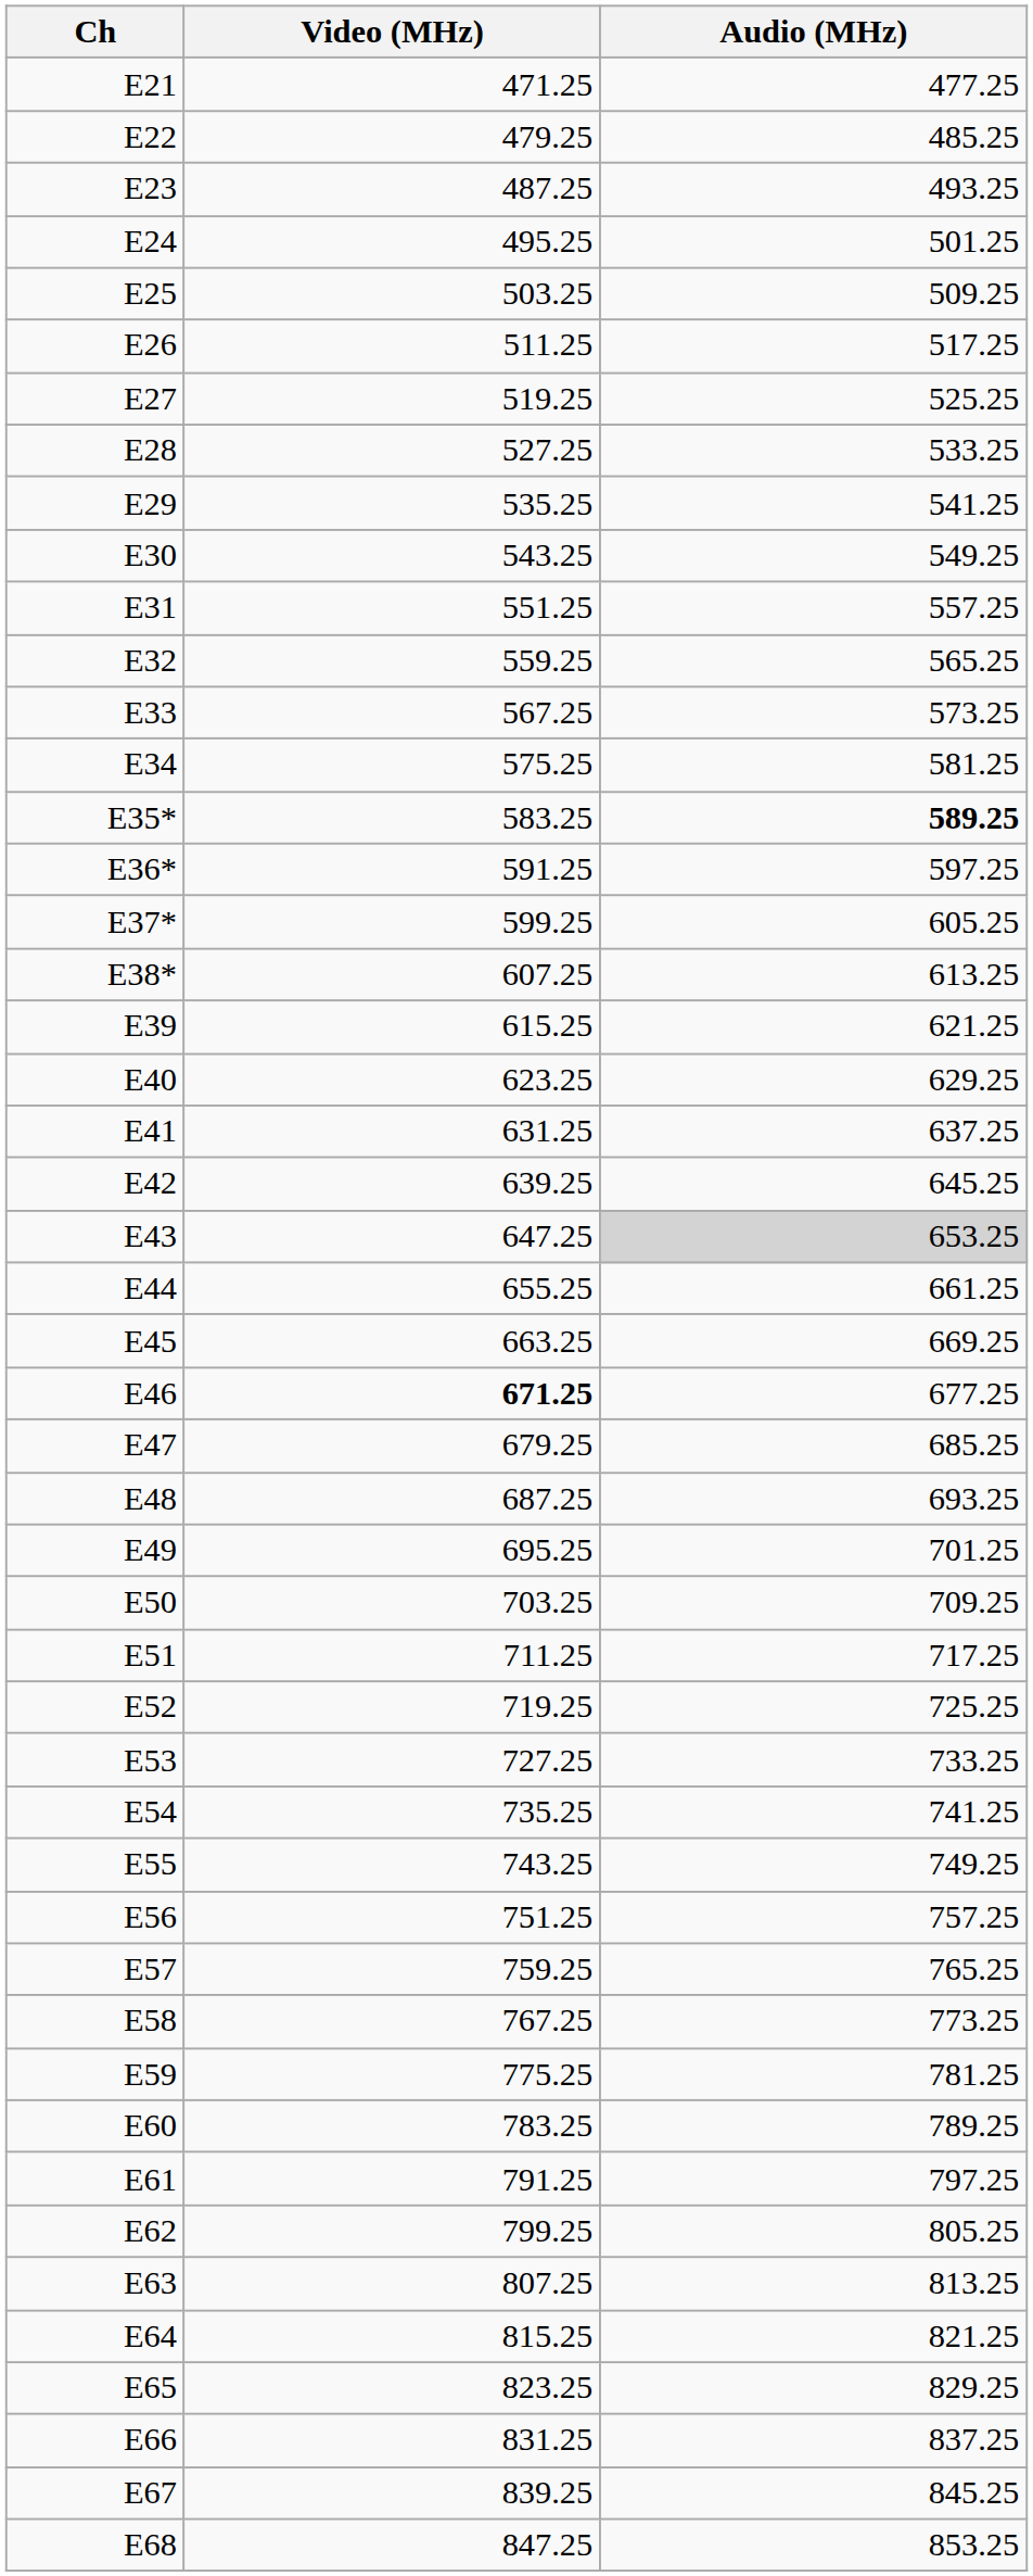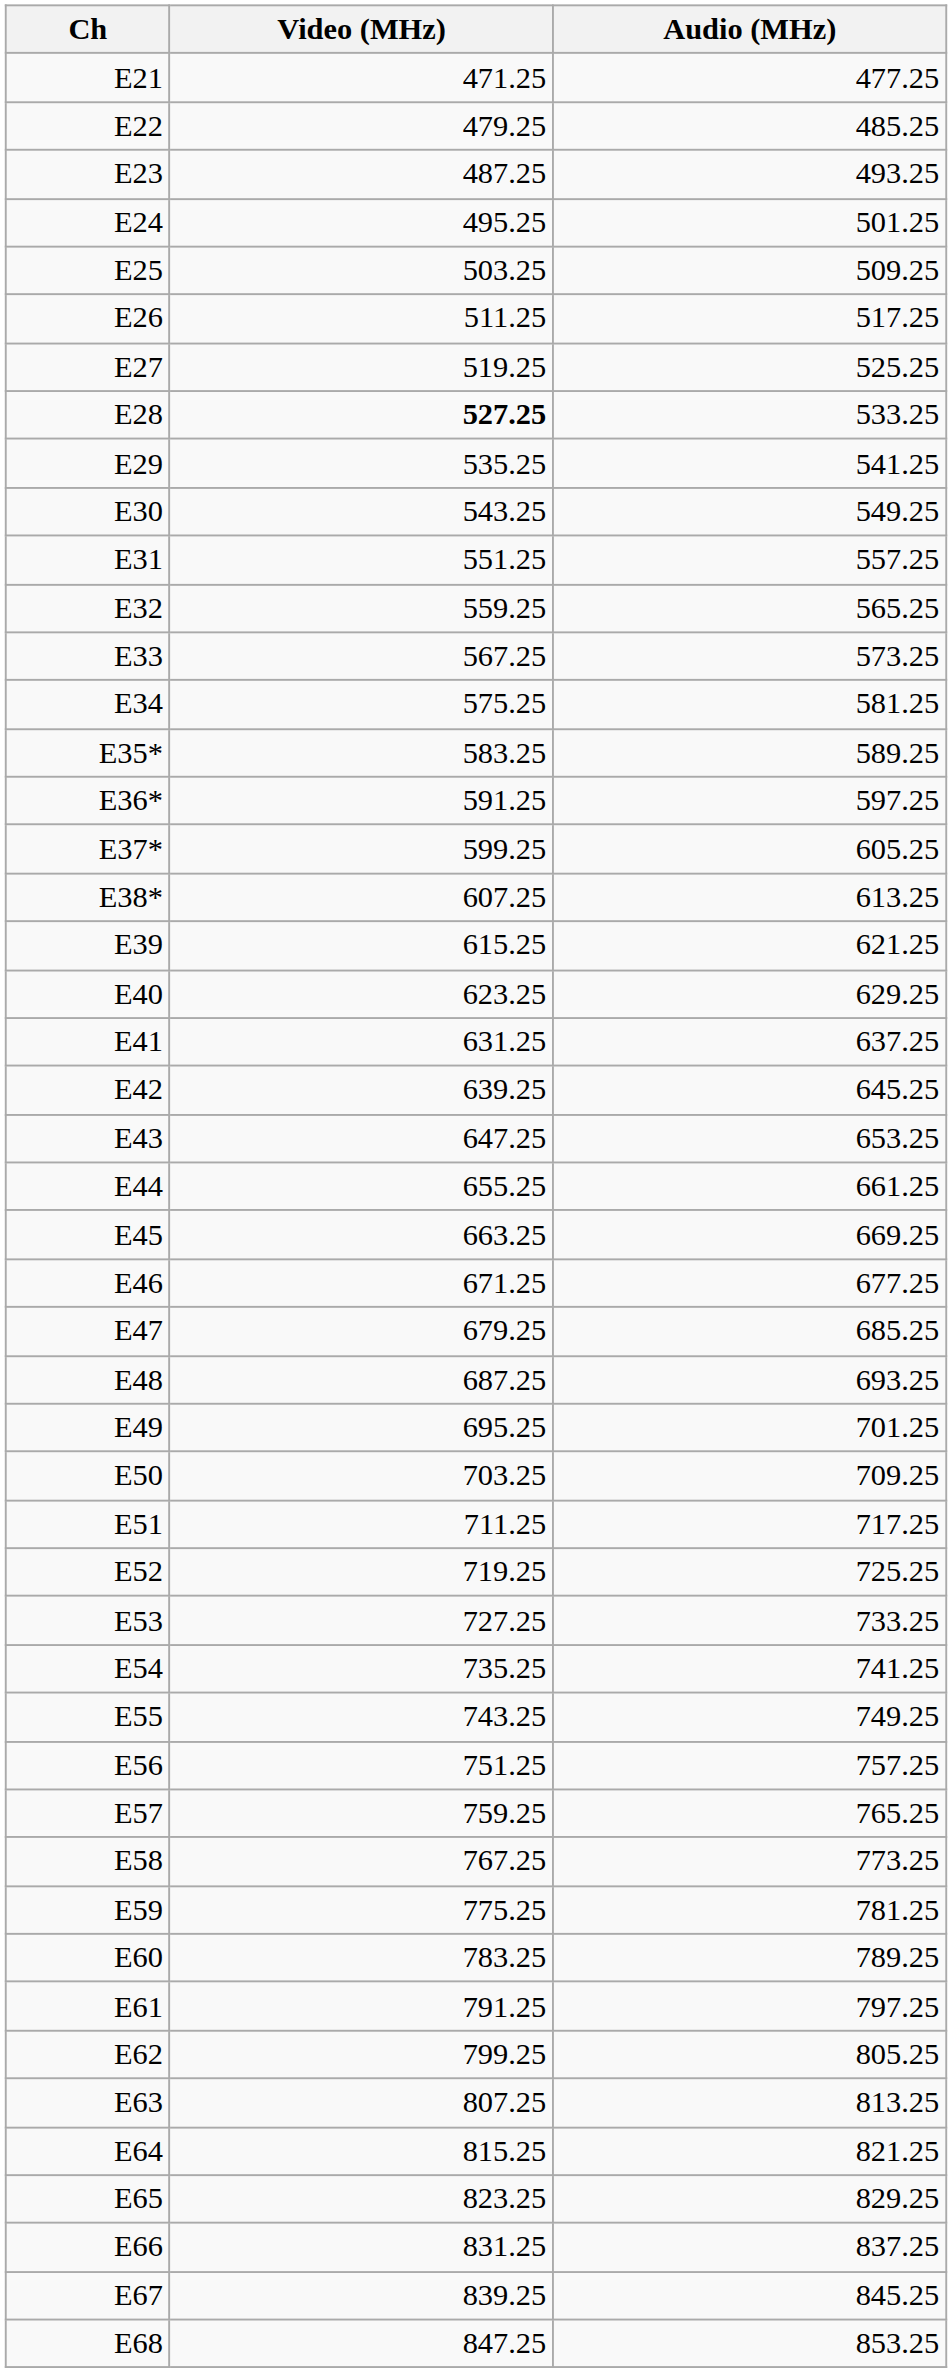 <table class="wikitable" width="25%" border="1" cellpadding="1" align="right">
 <tr ---- align="right">
 <th>Ch</th>
 <th>Video (MHz)</th>
 <th>Audio (MHz)</th>
 </tr>
 <tr ---- align="right">
 <td>E21</td>
 <td>471.25</td>
 <td>477.25</td>
 </tr>
 <tr ---- align="right">
 <td>E22</td>
 <td>479.25</td>
 <td>485.25</td>
 </tr>
 <tr ---- align="right">
 <td>E23</td>
 <td>487.25</td>
 <td>493.25</td>
 </tr>
 <tr ---- align="right">
 <td>E24</td>
 <td>495.25</td>
 <td>501.25</td>
 </tr>
 <tr ---- align="right">
 <td>E25</td>
 <td>503.25</td>
 <td>509.25</td>
 </tr>
 <tr ---- align="right">
 <td>E26</td>
 <td>511.25</td>
 <td>517.25</td>
 </tr>
 <tr ---- align="right">
 <td>E27</td>
 <td>519.25</td>
 <td>525.25</td>
 </tr>
 <tr ---- align="right">
 <td>E28</td>
-<td>527.25</td>
+<td><strong>527.25</strong></td>
 <td>533.25</td>
 </tr>
 <tr ---- align="right">
 <td>E29</td>
 <td>535.25</td>
 <td>541.25</td>
 </tr>
 <tr ---- align="right">
 <td>E30</td>
 <td>543.25</td>
 <td>549.25</td>
 </tr>
 <tr ---- align="right">
 <td>E31</td>
 <td>551.25</td>
 <td>557.25</td>
 </tr>
 <tr ---- align="right">
 <td>E32</td>
 <td>559.25</td>
 <td>565.25</td>
 </tr>
 <tr ---- align="right">
 <td>E33</td>
 <td>567.25</td>
 <td>573.25</td>
 </tr>
 <tr ---- align="right">
 <td>E34</td>
 <td>575.25</td>
 <td>581.25</td>
 </tr>
 <tr ---- align="right">
 <td>E35*</td>
 <td>583.25</td>
-<td><strong>589.25</strong></td>
+<td>589.25</td>
 </tr>
 <tr ---- align="right">
 <td>E36*</td>
 <td>591.25</td>
 <td>597.25</td>
 </tr>
 <tr ---- align="right">
 <td>E37*</td>
 <td>599.25</td>
 <td>605.25</td>
 </tr>
 <tr ---- align="right">
 <td>E38*</td>
 <td>607.25</td>
 <td>613.25</td>
 </tr>
 <tr ---- align="right">
 <td>E39</td>
 <td>615.25</td>
 <td>621.25</td>
 </tr>
 <tr ---- align="right">
 <td>E40</td>
 <td>623.25</td>
 <td>629.25</td>
 </tr>
 <tr ---- align="right">
 <td>E41</td>
 <td>631.25</td>
 <td>637.25</td>
 </tr>
 <tr ---- align="right">
 <td>E42</td>
 <td>639.25</td>
 <td>645.25</td>
 </tr>
 <tr ---- align="right">
 <td>E43</td>
 <td>647.25</td>
-<td style="background: lightgrey;">653.25</td>
+<td>653.25</td>
 </tr>
 <tr ---- align="right">
 <td>E44</td>
 <td>655.25</td>
 <td>661.25</td>
 </tr>
 <tr ---- align="right">
 <td>E45</td>
 <td>663.25</td>
 <td>669.25</td>
 </tr>
 <tr ---- align="right">
 <td>E46</td>
-<td><strong>671.25</strong></td>
+<td>671.25</td>
 <td>677.25</td>
 </tr>
 <tr ---- align="right">
 <td>E47</td>
 <td>679.25</td>
 <td>685.25</td>
 </tr>
 <tr ---- align="right">
 <td>E48</td>
 <td>687.25</td>
 <td>693.25</td>
 </tr>
 <tr ---- align="right">
 <td>E49</td>
 <td>695.25</td>
 <td>701.25</td>
 </tr>
 <tr ---- align="right">
 <td>E50</td>
 <td>703.25</td>
 <td>709.25</td>
 </tr>
 <tr ---- align="right">
 <td>E51</td>
 <td>711.25</td>
 <td>717.25</td>
 </tr>
 <tr ---- align="right">
 <td>E52</td>
 <td>719.25</td>
 <td>725.25</td>
 </tr>
 <tr ---- align="right">
 <td>E53</td>
 <td>727.25</td>
 <td>733.25</td>
 </tr>
 <tr ---- align="right">
 <td>E54</td>
 <td>735.25</td>
 <td>741.25</td>
 </tr>
 <tr ---- align="right">
 <td>E55</td>
 <td>743.25</td>
 <td>749.25</td>
 </tr>
 <tr ---- align="right">
 <td>E56</td>
 <td>751.25</td>
 <td>757.25</td>
 </tr>
 <tr ---- align="right">
 <td>E57</td>
 <td>759.25</td>
 <td>765.25</td>
 </tr>
 <tr ---- align="right">
 <td>E58</td>
 <td>767.25</td>
 <td>773.25</td>
 </tr>
 <tr ---- align="right">
 <td>E59</td>
 <td>775.25</td>
 <td>781.25</td>
 </tr>
 <tr ---- align="right">
 <td>E60</td>
 <td>783.25</td>
 <td>789.25</td>
 </tr>
 <tr ---- align="right">
 <td>E61</td>
 <td>791.25</td>
 <td>797.25</td>
 </tr>
 <tr ---- align="right">
 <td>E62</td>
 <td>799.25</td>
 <td>805.25</td>
 </tr>
 <tr ---- align="right">
 <td>E63</td>
 <td>807.25</td>
 <td>813.25</td>
 </tr>
 <tr ---- align="right">
 <td>E64</td>
 <td>815.25</td>
 <td>821.25</td>
 </tr>
 <tr ---- align="right">
 <td>E65</td>
 <td>823.25</td>
 <td>829.25</td>
 </tr>
 <tr ---- align="right">
 <td>E66</td>
 <td>831.25</td>
 <td>837.25</td>
 </tr>
 <tr ---- align="right">
 <td>E67</td>
 <td>839.25</td>
 <td>845.25</td>
 </tr>
 <tr ---- align="right">
 <td>E68</td>
 <td>847.25</td>
 <td>853.25</td>
 </tr>
 </table>
